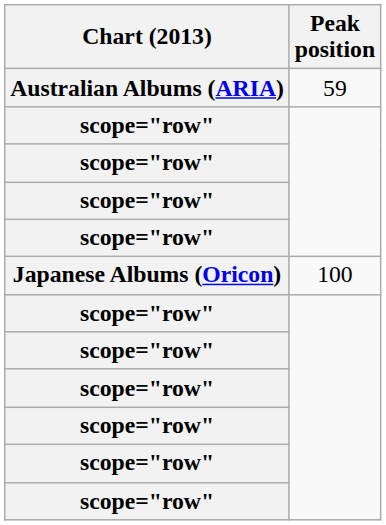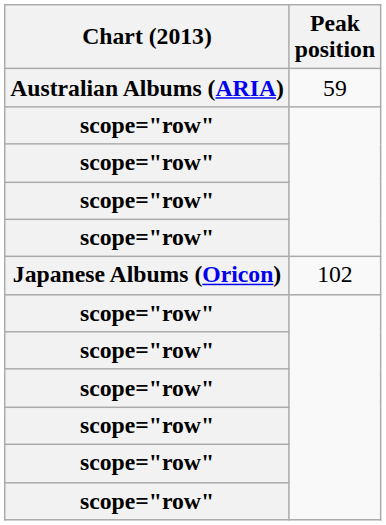 <table class="wikitable sortable plainrowheaders" style="text-align:center">
 <tr>
 <th>Chart (2013)</th>
 <th>Peak<br>position</th>
 </tr>
 <tr>
 <th scope="row">Australian Albums (<a href='#'>ARIA</a>)</th>
 <td>59</td>
 </tr>
 <tr>
 <th>scope="row"</th>
 </tr>
 <tr>
 <th>scope="row"</th>
 </tr>
 <tr>
 <th>scope="row"</th>
 </tr>
 <tr>
 <th>scope="row"</th>
 </tr>
 <tr>
 <th scope="row">Japanese Albums (<a href='#'>Oricon</a>)</th>
-<td>100</td>
+<td>102</td>
 </tr>
 <tr>
 <th>scope="row"</th>
 </tr>
 <tr>
 <th>scope="row"</th>
 </tr>
 <tr>
 <th>scope="row"</th>
 </tr>
 <tr>
 <th>scope="row"</th>
 </tr>
 <tr>
 <th>scope="row"</th>
 </tr>
 <tr>
 <th>scope="row"</th>
 </tr>
 </table>
